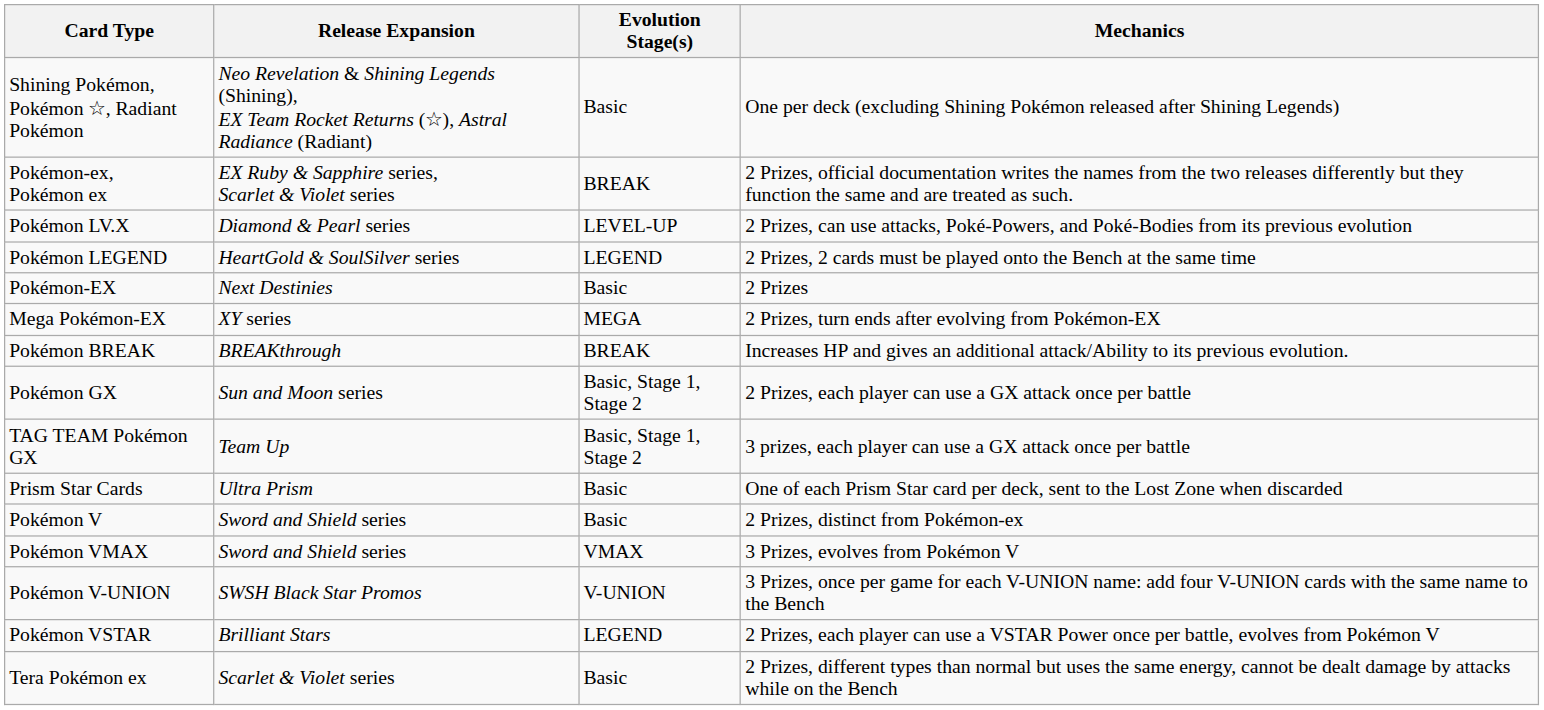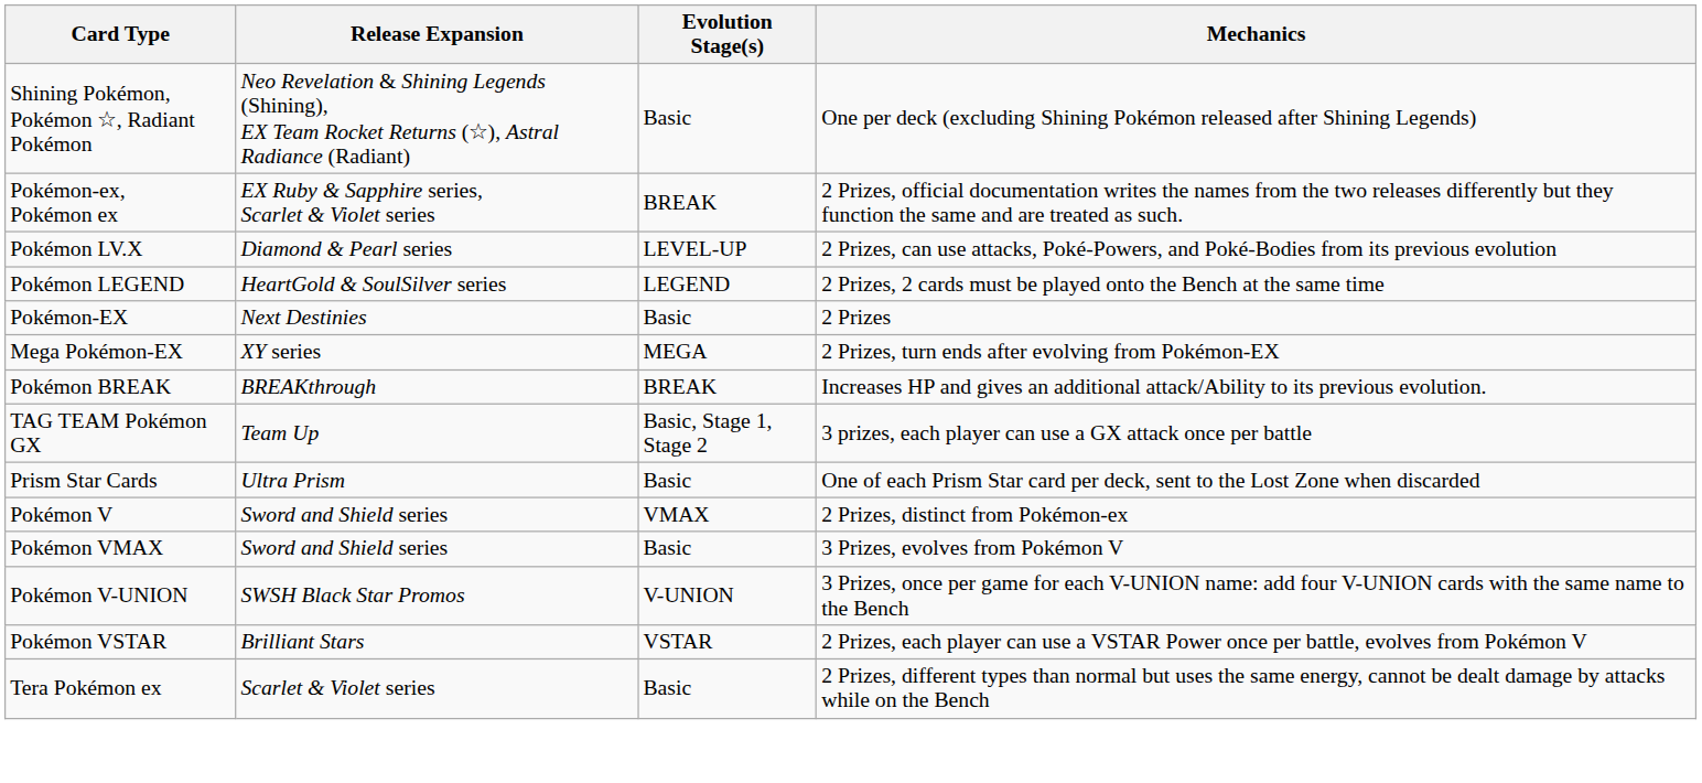 <table class="wikitable">
 <tr>
 <th>Card Type</th>
 <th>Release Expansion</th>
 <th>Evolution Stage(s)</th>
 <th>Mechanics</th>
 </tr>
 <tr>
 <td>Shining Pokémon,<br>Pokémon ☆, Radiant Pokémon</td>
 <td><em>Neo Revelation</em> & <em>Shining Legends</em> (Shining),<br><em>EX Team Rocket Returns</em> (☆), <em>Astral Radiance</em> (Radiant)</td>
 <td>Basic</td>
 <td>One per deck (excluding Shining Pokémon released after Shining Legends)</td>
 </tr>
 <tr>
 <td>Pokémon-ex,<br>Pokémon ex</td>
 <td><em>EX Ruby & Sapphire</em> series,<br><em>Scarlet & Violet</em> series</td>
 <td>BREAK</td>
 <td>2 Prizes, official documentation writes the names from the two releases differently but they function the same and are treated as such.</td>
 </tr>
 <tr>
 <td>Pokémon LV.X</td>
 <td><em>Diamond & Pearl</em> series</td>
 <td>LEVEL-UP</td>
 <td>2 Prizes, can use attacks, Poké-Powers, and Poké-Bodies from its previous evolution</td>
 </tr>
 <tr>
 <td>Pokémon LEGEND</td>
 <td><em>HeartGold & SoulSilver</em> series</td>
 <td>LEGEND</td>
 <td>2 Prizes, 2 cards must be played onto the Bench at the same time</td>
 </tr>
 <tr>
 <td>Pokémon-EX</td>
 <td><em>Next Destinies</em></td>
 <td>Basic</td>
 <td>2 Prizes</td>
 </tr>
 <tr>
 <td>Mega Pokémon-EX</td>
 <td><em>XY</em> series</td>
 <td>MEGA</td>
 <td>2 Prizes, turn ends after evolving from Pokémon-EX</td>
 </tr>
 <tr>
 <td>Pokémon BREAK</td>
 <td><em>BREAKthrough</em></td>
 <td>BREAK</td>
 <td>Increases HP and gives an additional attack/Ability to its previous evolution.</td>
 </tr>
 <tr>
-<td>Pokémon GX</td>
-<td><em>Sun and Moon</em> series</td>
-<td>Basic, Stage 1, Stage 2</td>
-<td>2 Prizes, each player can use a GX attack once per battle</td>
-</tr>
-<tr>
 <td>TAG TEAM Pokémon GX</td>
 <td><em>Team Up</em></td>
 <td>Basic, Stage 1, Stage 2</td>
 <td>3 prizes, each player can use a GX attack once per battle</td>
 </tr>
 <tr>
 <td>Prism Star Cards</td>
 <td><em>Ultra Prism</em></td>
 <td>Basic</td>
 <td>One of each Prism Star card per deck, sent to the Lost Zone when discarded</td>
 </tr>
 <tr>
 <td>Pokémon V</td>
 <td><em>Sword and Shield</em> series</td>
-<td>Basic</td>
+<td>VMAX</td>
 <td>2 Prizes, distinct from Pokémon-ex</td>
 </tr>
 <tr>
 <td>Pokémon VMAX</td>
 <td><em>Sword and Shield</em> series</td>
-<td>VMAX</td>
+<td>Basic</td>
 <td>3 Prizes, evolves from Pokémon V</td>
 </tr>
 <tr>
 <td>Pokémon V-UNION</td>
 <td><em>SWSH Black Star Promos</em></td>
 <td>V-UNION</td>
 <td>3 Prizes, once per game for each V-UNION name: add four V-UNION cards with the same name to the Bench</td>
 </tr>
 <tr>
 <td>Pokémon VSTAR</td>
 <td><em>Brilliant Stars</em></td>
-<td>LEGEND</td>
+<td>VSTAR</td>
 <td>2 Prizes, each player can use a VSTAR Power once per battle, evolves from Pokémon V</td>
 </tr>
 <tr>
 <td>Tera Pokémon ex</td>
 <td><em>Scarlet & Violet</em> series</td>
 <td>Basic</td>
 <td>2 Prizes, different types than normal but uses the same energy, cannot be dealt damage by attacks while on the Bench</td>
 </tr>
 </table>
